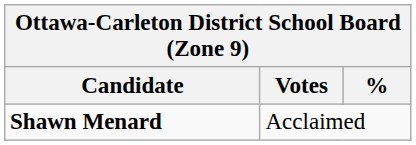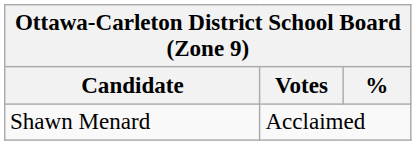 <table class="wikitable">
 <tr>
 <th colspan="3">Ottawa-Carleton District School Board (Zone 9)</th>
 </tr>
 <tr>
 <th style="width: 170px">Candidate</th>
 <th style="width: 50px">Votes</th>
 <th style="width: 40px">%</th>
 </tr>
 <tr>
-<td><strong>Shawn Menard</strong></td>
+<td>Shawn Menard</td>
 <td colspan="2">Acclaimed</td>
 </tr>
 </table>
